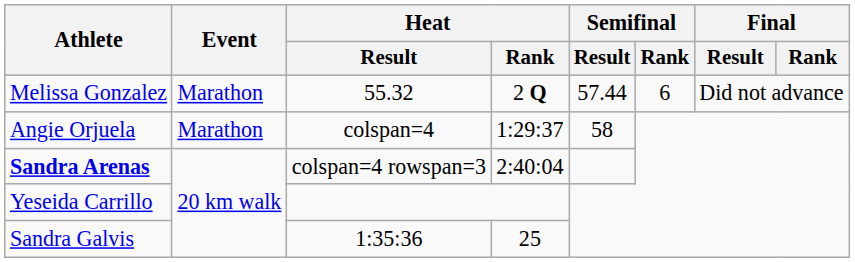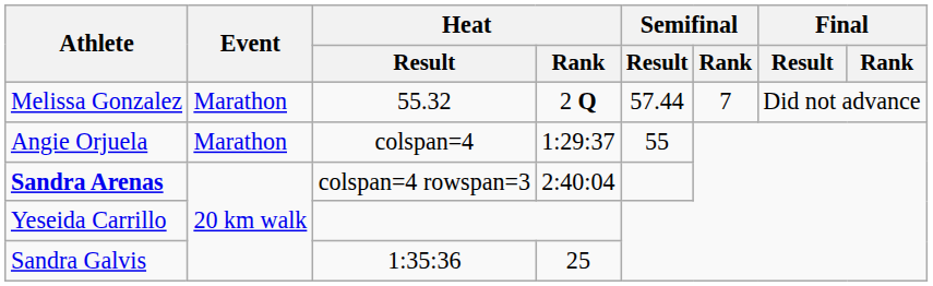 <table class="wikitable" style="font-size:90%">
 <tr>
 <th rowspan="2">Athlete</th>
 <th rowspan="2">Event</th>
 <th colspan="2">Heat</th>
 <th colspan="2">Semifinal</th>
 <th colspan="2">Final</th>
 </tr>
 <tr style="font-size:95%">
 <th>Result</th>
 <th>Rank</th>
 <th>Result</th>
 <th>Rank</th>
 <th>Result</th>
 <th>Rank</th>
 </tr>
 <tr align=center>
 <td align=left><a href='#'>Melissa Gonzalez</a></td>
 <td align=left><a href='#'>Marathon</a></td>
 <td>55.32 <strong></strong></td>
 <td>2 <strong>Q</strong></td>
 <td>57.44</td>
-<td>6</td>
+<td>7</td>
 <td colspan=2>Did not advance</td>
 </tr>
 <tr align=center>
 <td align=left><a href='#'>Angie Orjuela</a></td>
 <td align=left><a href='#'>Marathon</a></td>
 <td>colspan=4 </td>
 <td>1:29:37</td>
-<td>58</td>
+<td>55</td>
 </tr>
 <tr align=center>
 <td align=left><strong><a href='#'>Sandra Arenas</a></strong></td>
 <td align=left rowspan=3><a href='#'>20 km walk</a></td>
 <td>colspan=4 rowspan=3 </td>
 <td>2:40:04</td>
 <td></td>
 </tr>
 <tr align=center>
 <td align=left><a href='#'>Yeseida Carrillo</a></td>
 <td colspan=2></td>
 </tr>
 <tr align=center>
 <td align=left><a href='#'>Sandra Galvis</a></td>
 <td>1:35:36</td>
 <td>25</td>
 </tr>
 </table>
